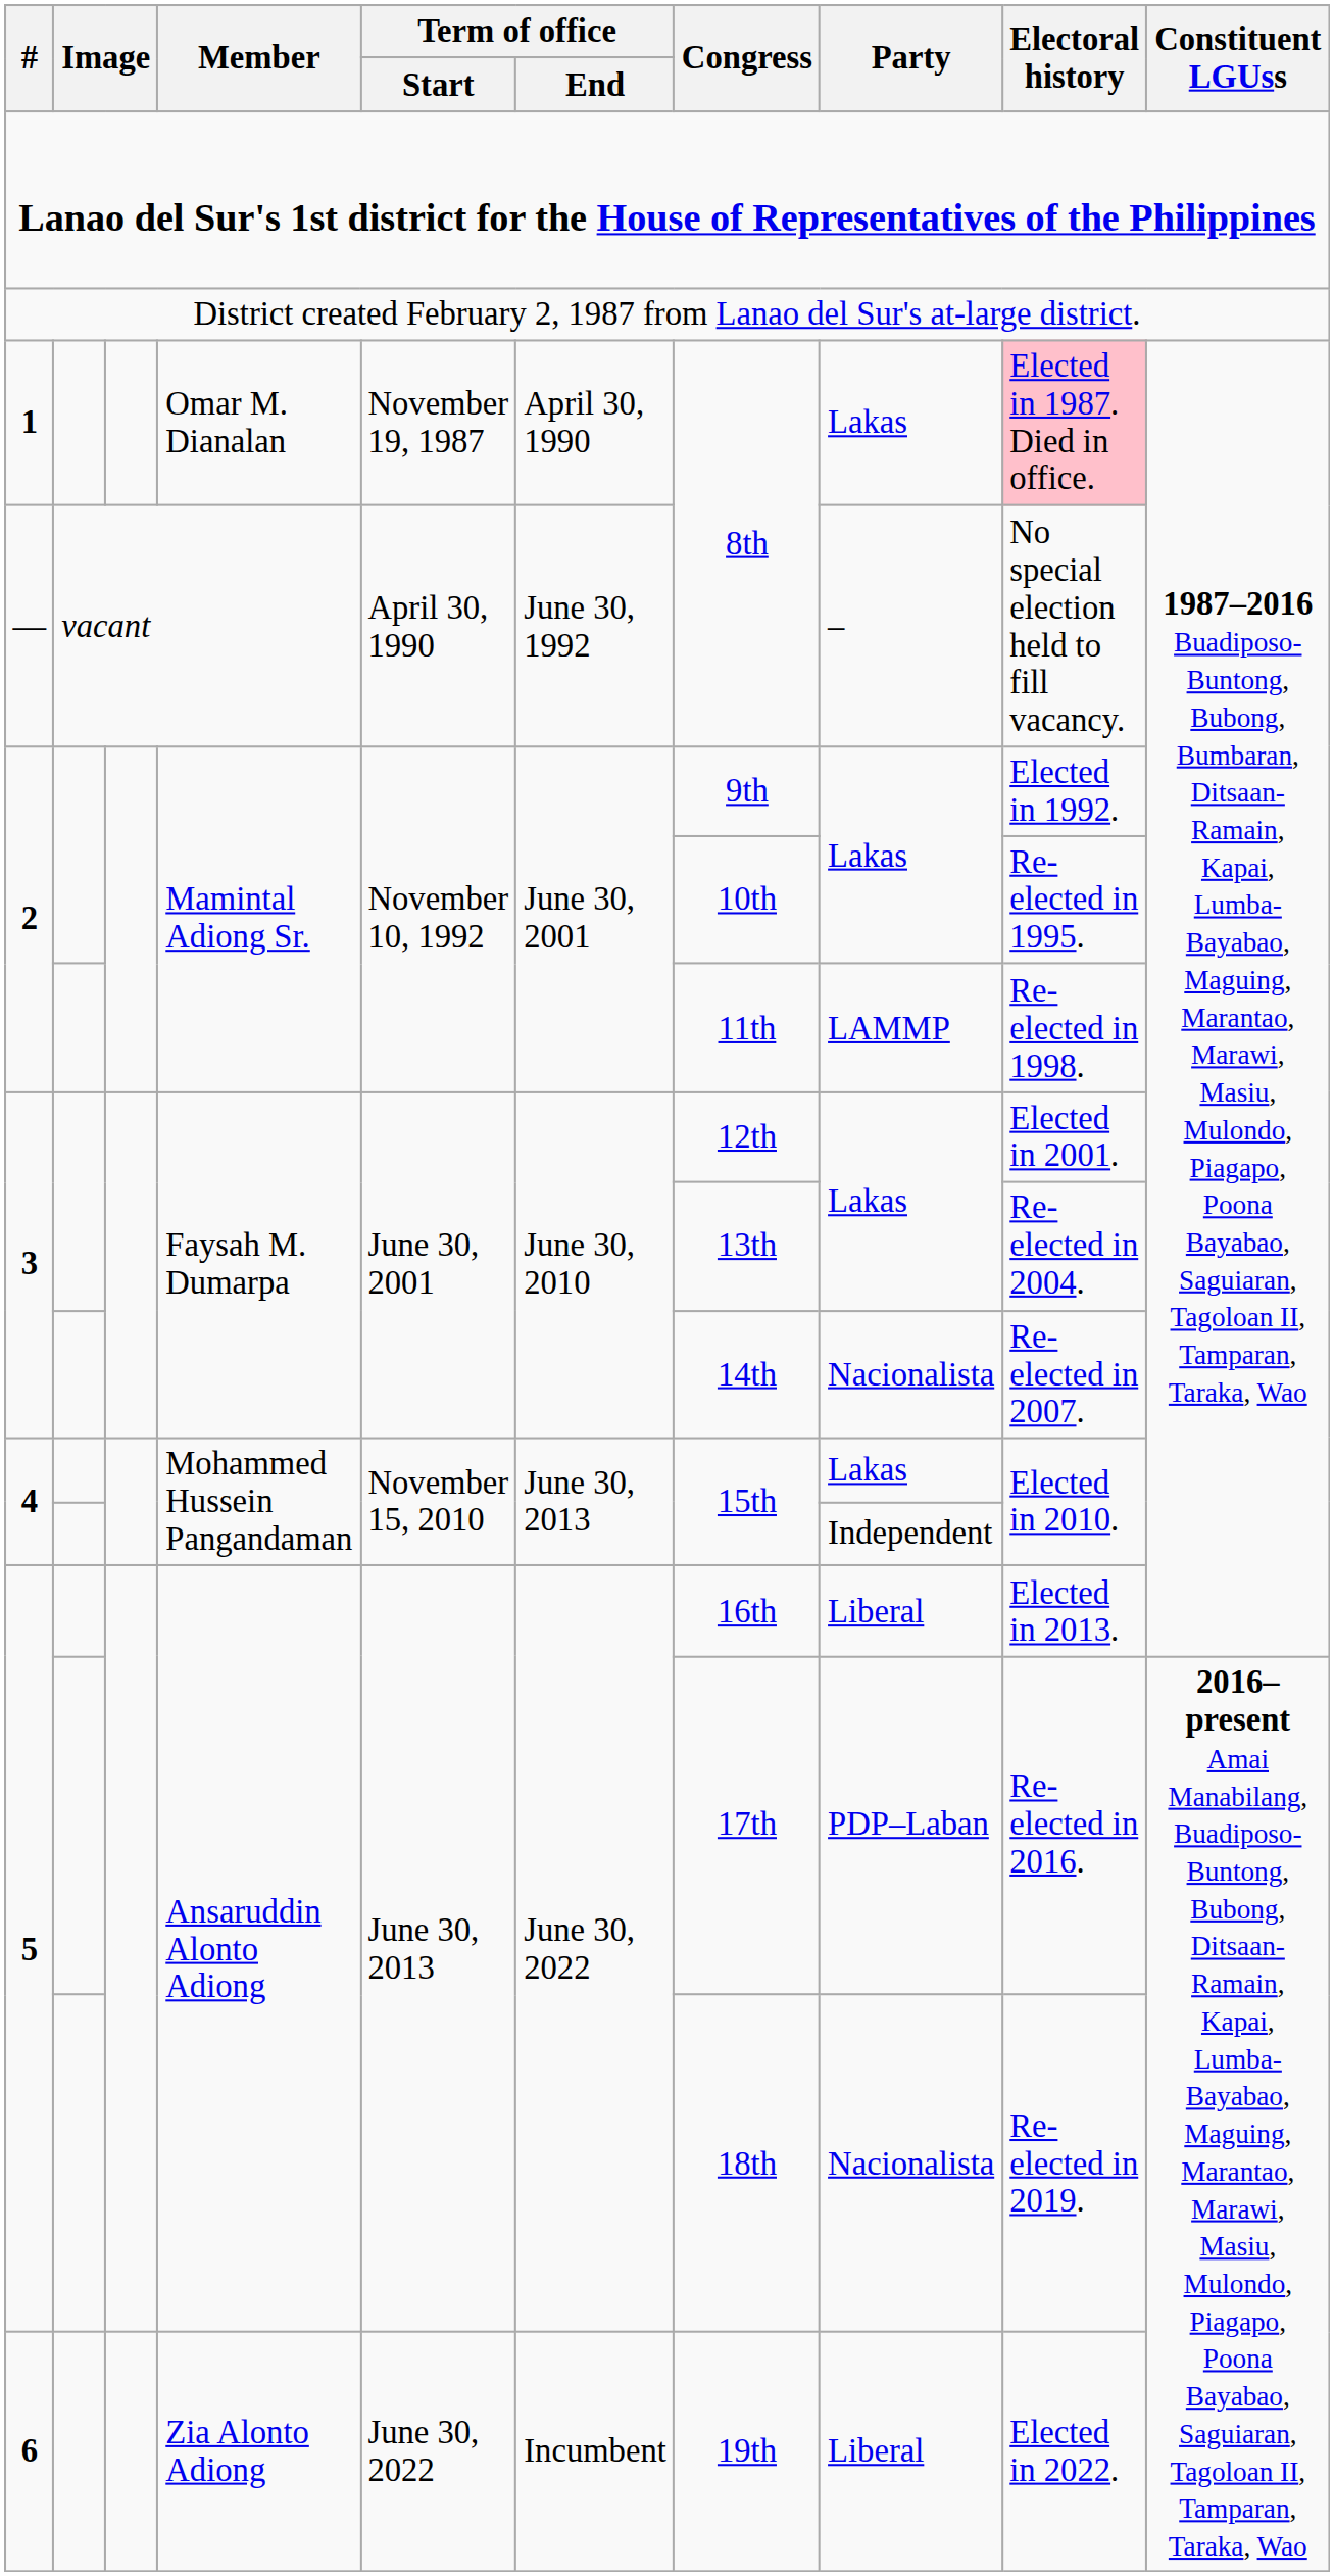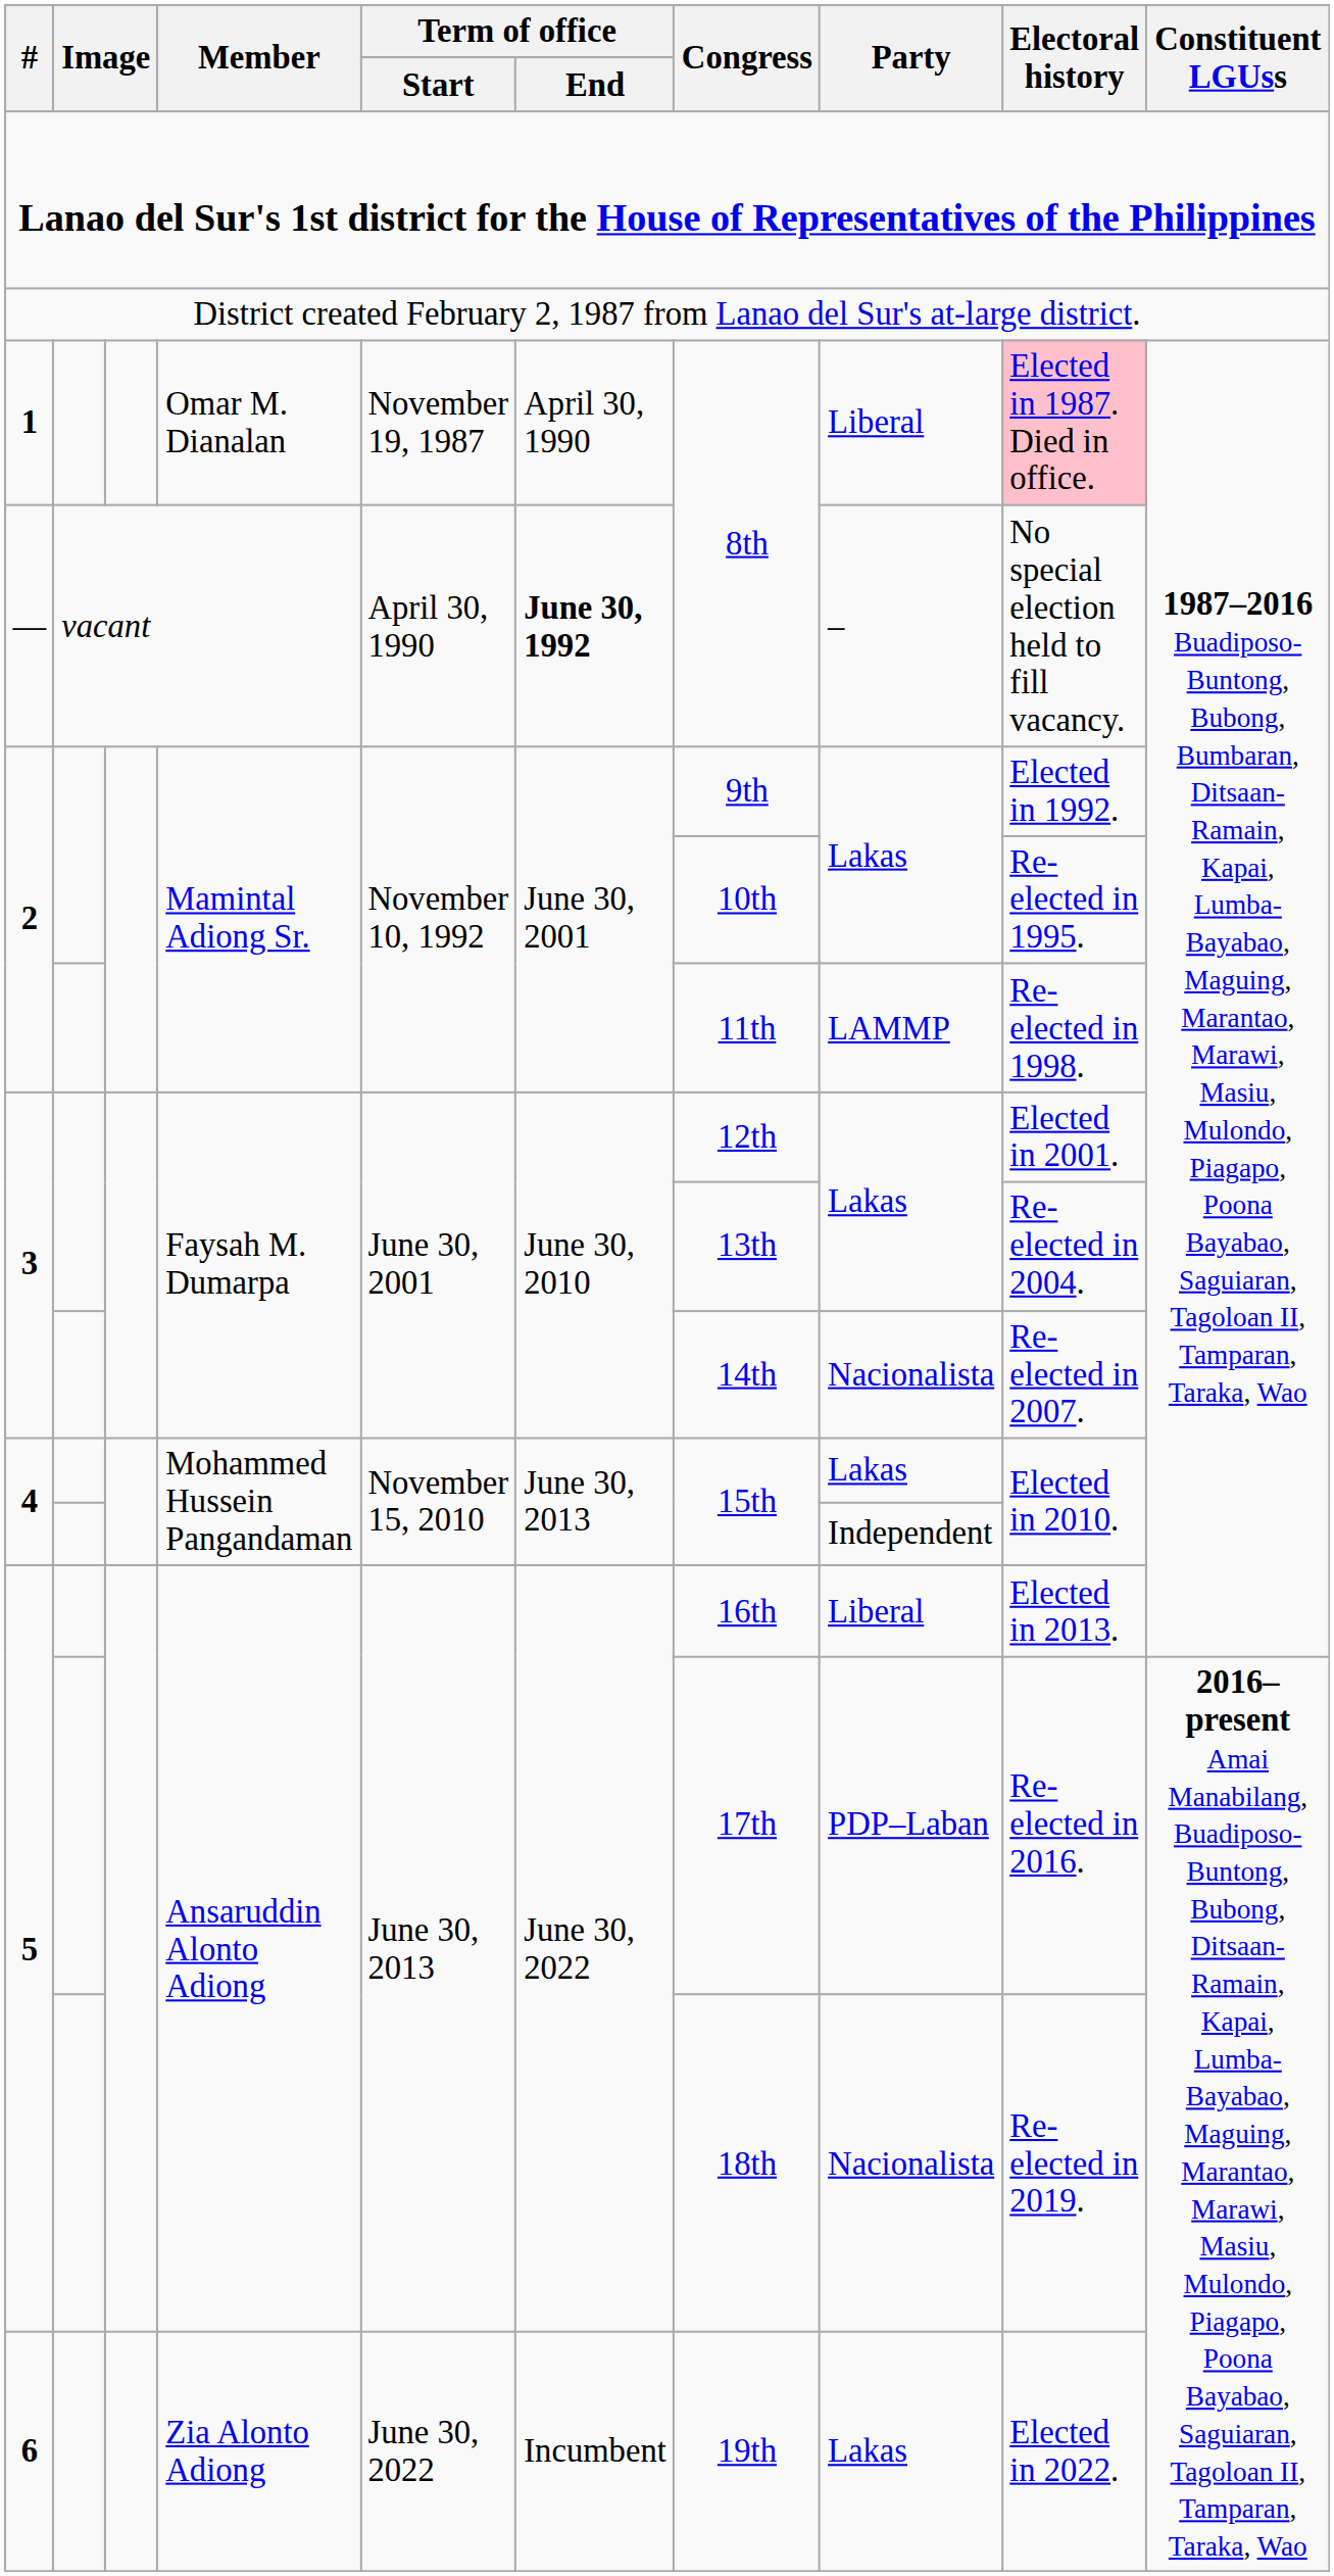 <table class=wikitable>
 <tr>
 <th rowspan="2">#</th>
 <th rowspan="2" colspan=2>Image</th>
 <th rowspan="2">Member</th>
 <th colspan=2>Term of office</th>
 <th rowspan="2">Congress</th>
 <th rowspan="2">Party</th>
 <th rowspan="2">Electoral history</th>
 <th rowspan="2">Constituent<br><a href='#'>LGUs</a>s</th>
 </tr>
 <tr>
 <th>Start</th>
 <th>End</th>
 </tr>
 <tr>
 <td colspan="10" style="text-align:center;"><br><h3>Lanao del Sur's 1st district for the <a href='#'>House of Representatives of the Philippines</a></h3></td>
 </tr>
 <tr>
 <td colspan="10" style="text-align:center;">District created February 2, 1987 from <a href='#'>Lanao del Sur's at-large district</a>.</td>
 </tr>
 <tr>
 <td style="text-align:center;"><strong>1</strong></td>
 <td style="color:inherit;background:"></td>
 <td></td>
 <td>Omar M. Dianalan</td>
 <td>November 19, 1987</td>
 <td>April 30, 1990</td>
 <td rowspan="2" style="text-align:center;"><a href='#'>8th</a></td>
-<td><a href='#'>Lakas</a></td>
+<td><a href='#'>Liberal</a></td>
 <td style="background: pink;"><a href='#'>Elected in 1987</a>.<br>Died in office.</td>
 <td rowspan="11" style="text-align:center;"><strong>1987–2016</strong><br><small><a href='#'>Buadiposo-Buntong</a>, <a href='#'>Bubong</a>, <a href='#'>Bumbaran</a>, <a href='#'>Ditsaan-Ramain</a>, <a href='#'>Kapai</a>, <a href='#'>Lumba-Bayabao</a>, <a href='#'>Maguing</a>, <a href='#'>Marantao</a>, <a href='#'>Marawi</a>, <a href='#'>Masiu</a>, <a href='#'>Mulondo</a>, <a href='#'>Piagapo</a>, <a href='#'>Poona Bayabao</a>, <a href='#'>Saguiaran</a>, <a href='#'>Tagoloan II</a>, <a href='#'>Tamparan</a>, <a href='#'>Taraka</a>, <a href='#'>Wao</a></small></td>
 </tr>
 <tr>
 <td style="text-align:center;">—</td>
 <td colspan="3"><em>vacant</em></td>
 <td>April 30, 1990</td>
-<td>June 30, 1992</td>
+<td><strong>June 30, 1992</strong></td>
 <td>–</td>
 <td>No special election held to fill vacancy.</td>
 </tr>
 <tr>
 <td rowspan="3" style="text-align:center;"><strong>2</strong></td>
 <td rowspan="2" style="color:inherit;background:"></td>
 <td rowspan="3"></td>
 <td rowspan="3"><a href='#'>Mamintal Adiong Sr.</a></td>
 <td rowspan="3">November 10, 1992</td>
 <td rowspan="3">June 30, 2001</td>
 <td style="text-align:center;"><a href='#'>9th</a></td>
 <td rowspan="2"><a href='#'>Lakas</a></td>
 <td><a href='#'>Elected in 1992</a>.</td>
 </tr>
 <tr>
 <td style="text-align:center;"><a href='#'>10th</a></td>
 <td><a href='#'>Re-elected in 1995</a>.</td>
 </tr>
 <tr>
 <td style="color:inherit;background:"></td>
 <td style="text-align:center;"><a href='#'>11th</a></td>
 <td><a href='#'>LAMMP</a></td>
 <td><a href='#'>Re-elected in 1998</a>.</td>
 </tr>
 <tr>
 <td rowspan="3" style="text-align:center;"><strong>3</strong></td>
 <td rowspan="2" style="color:inherit;background:"></td>
 <td rowspan="3"></td>
 <td rowspan="3">Faysah M. Dumarpa</td>
 <td rowspan="3">June 30, 2001</td>
 <td rowspan="3">June 30, 2010</td>
 <td style="text-align:center;"><a href='#'>12th</a></td>
 <td rowspan="2"><a href='#'>Lakas</a></td>
 <td><a href='#'>Elected in 2001</a>.</td>
 </tr>
 <tr>
 <td style="text-align:center;"><a href='#'>13th</a></td>
 <td><a href='#'>Re-elected in 2004</a>.</td>
 </tr>
 <tr>
 <td style="color:inherit;background:"></td>
 <td style="text-align:center;"><a href='#'>14th</a></td>
 <td><a href='#'>Nacionalista</a></td>
 <td><a href='#'>Re-elected in 2007</a>.</td>
 </tr>
 <tr>
 <td style="text-align:center;" rowspan="2"><strong>4</strong></td>
 <td style="color:inherit;background:"></td>
 <td rowspan="2"></td>
 <td rowspan="2">Mohammed Hussein Pangandaman</td>
 <td rowspan="2">November 15, 2010</td>
 <td rowspan="2">June 30, 2013</td>
 <td style="text-align:center;" rowspan="2"><a href='#'>15th</a></td>
 <td><a href='#'>Lakas</a></td>
 <td rowspan="2"><a href='#'>Elected in 2010</a>.</td>
 </tr>
 <tr>
 <td style="color:inherit;background:"></td>
 <td>Independent</td>
 </tr>
 <tr>
 <td rowspan="3" style="text-align:center;"><strong>5</strong></td>
 <td style="color:inherit;background:"></td>
 <td rowspan="3"></td>
 <td rowspan="3"><a href='#'>Ansaruddin Alonto Adiong</a></td>
 <td rowspan="3">June 30, 2013</td>
 <td rowspan="3">June 30, 2022</td>
 <td style="text-align:center;"><a href='#'>16th</a></td>
 <td><a href='#'>Liberal</a></td>
 <td><a href='#'>Elected in 2013</a>.</td>
 </tr>
 <tr>
 <td style="color:inherit;background:"></td>
 <td style="text-align:center;"><a href='#'>17th</a></td>
 <td><a href='#'>PDP–Laban</a></td>
 <td><a href='#'>Re-elected in 2016</a>.</td>
 <td rowspan=99 style="text-align:center;"><strong>2016–present</strong><br><small><a href='#'>Amai Manabilang</a>, <a href='#'>Buadiposo-Buntong</a>, <a href='#'>Bubong</a>, <a href='#'>Ditsaan-Ramain</a>, <a href='#'>Kapai</a>, <a href='#'>Lumba-Bayabao</a>, <a href='#'>Maguing</a>, <a href='#'>Marantao</a>, <a href='#'>Marawi</a>, <a href='#'>Masiu</a>, <a href='#'>Mulondo</a>, <a href='#'>Piagapo</a>, <a href='#'>Poona Bayabao</a>, <a href='#'>Saguiaran</a>, <a href='#'>Tagoloan II</a>, <a href='#'>Tamparan</a>, <a href='#'>Taraka</a>, <a href='#'>Wao</a></small></td>
 </tr>
 <tr>
 <td style="color:inherit;background:"></td>
 <td style="text-align:center;"><a href='#'>18th</a></td>
 <td><a href='#'>Nacionalista</a></td>
 <td><a href='#'>Re-elected in 2019</a>.</td>
 </tr>
 <tr>
 <td style="text-align:center;"><strong>6</strong></td>
 <td style="color:inherit;background:"></td>
 <td></td>
 <td><a href='#'>Zia Alonto Adiong</a></td>
 <td>June 30, 2022</td>
 <td>Incumbent</td>
 <td style="text-align:center;"><a href='#'>19th</a></td>
-<td><a href='#'>Liberal</a></td>
+<td><a href='#'>Lakas</a></td>
 <td><a href='#'>Elected in 2022</a>.</td>
 </tr>
 </table>
